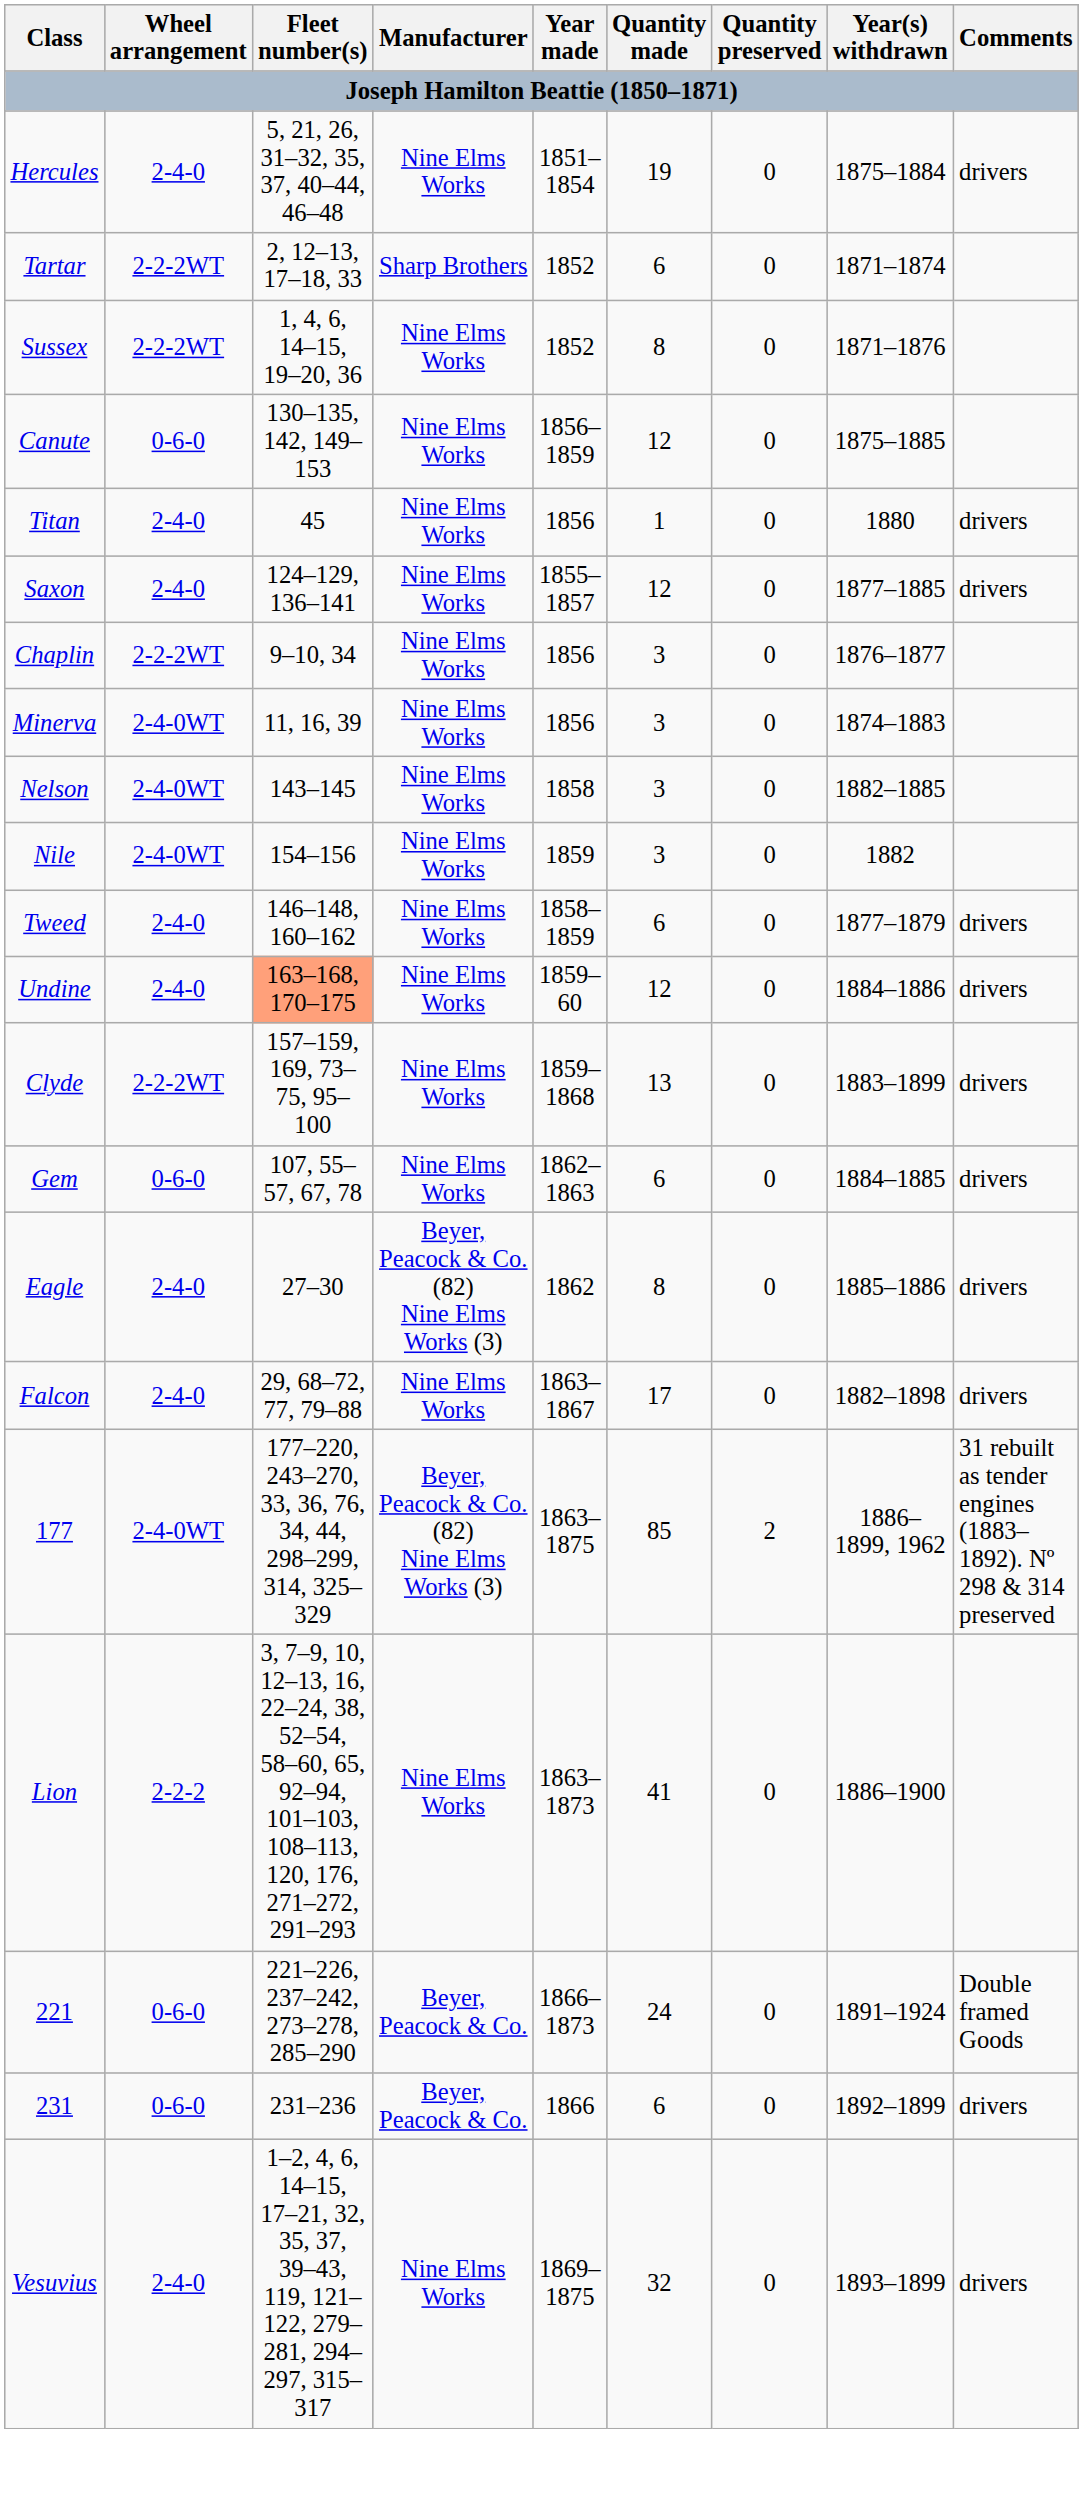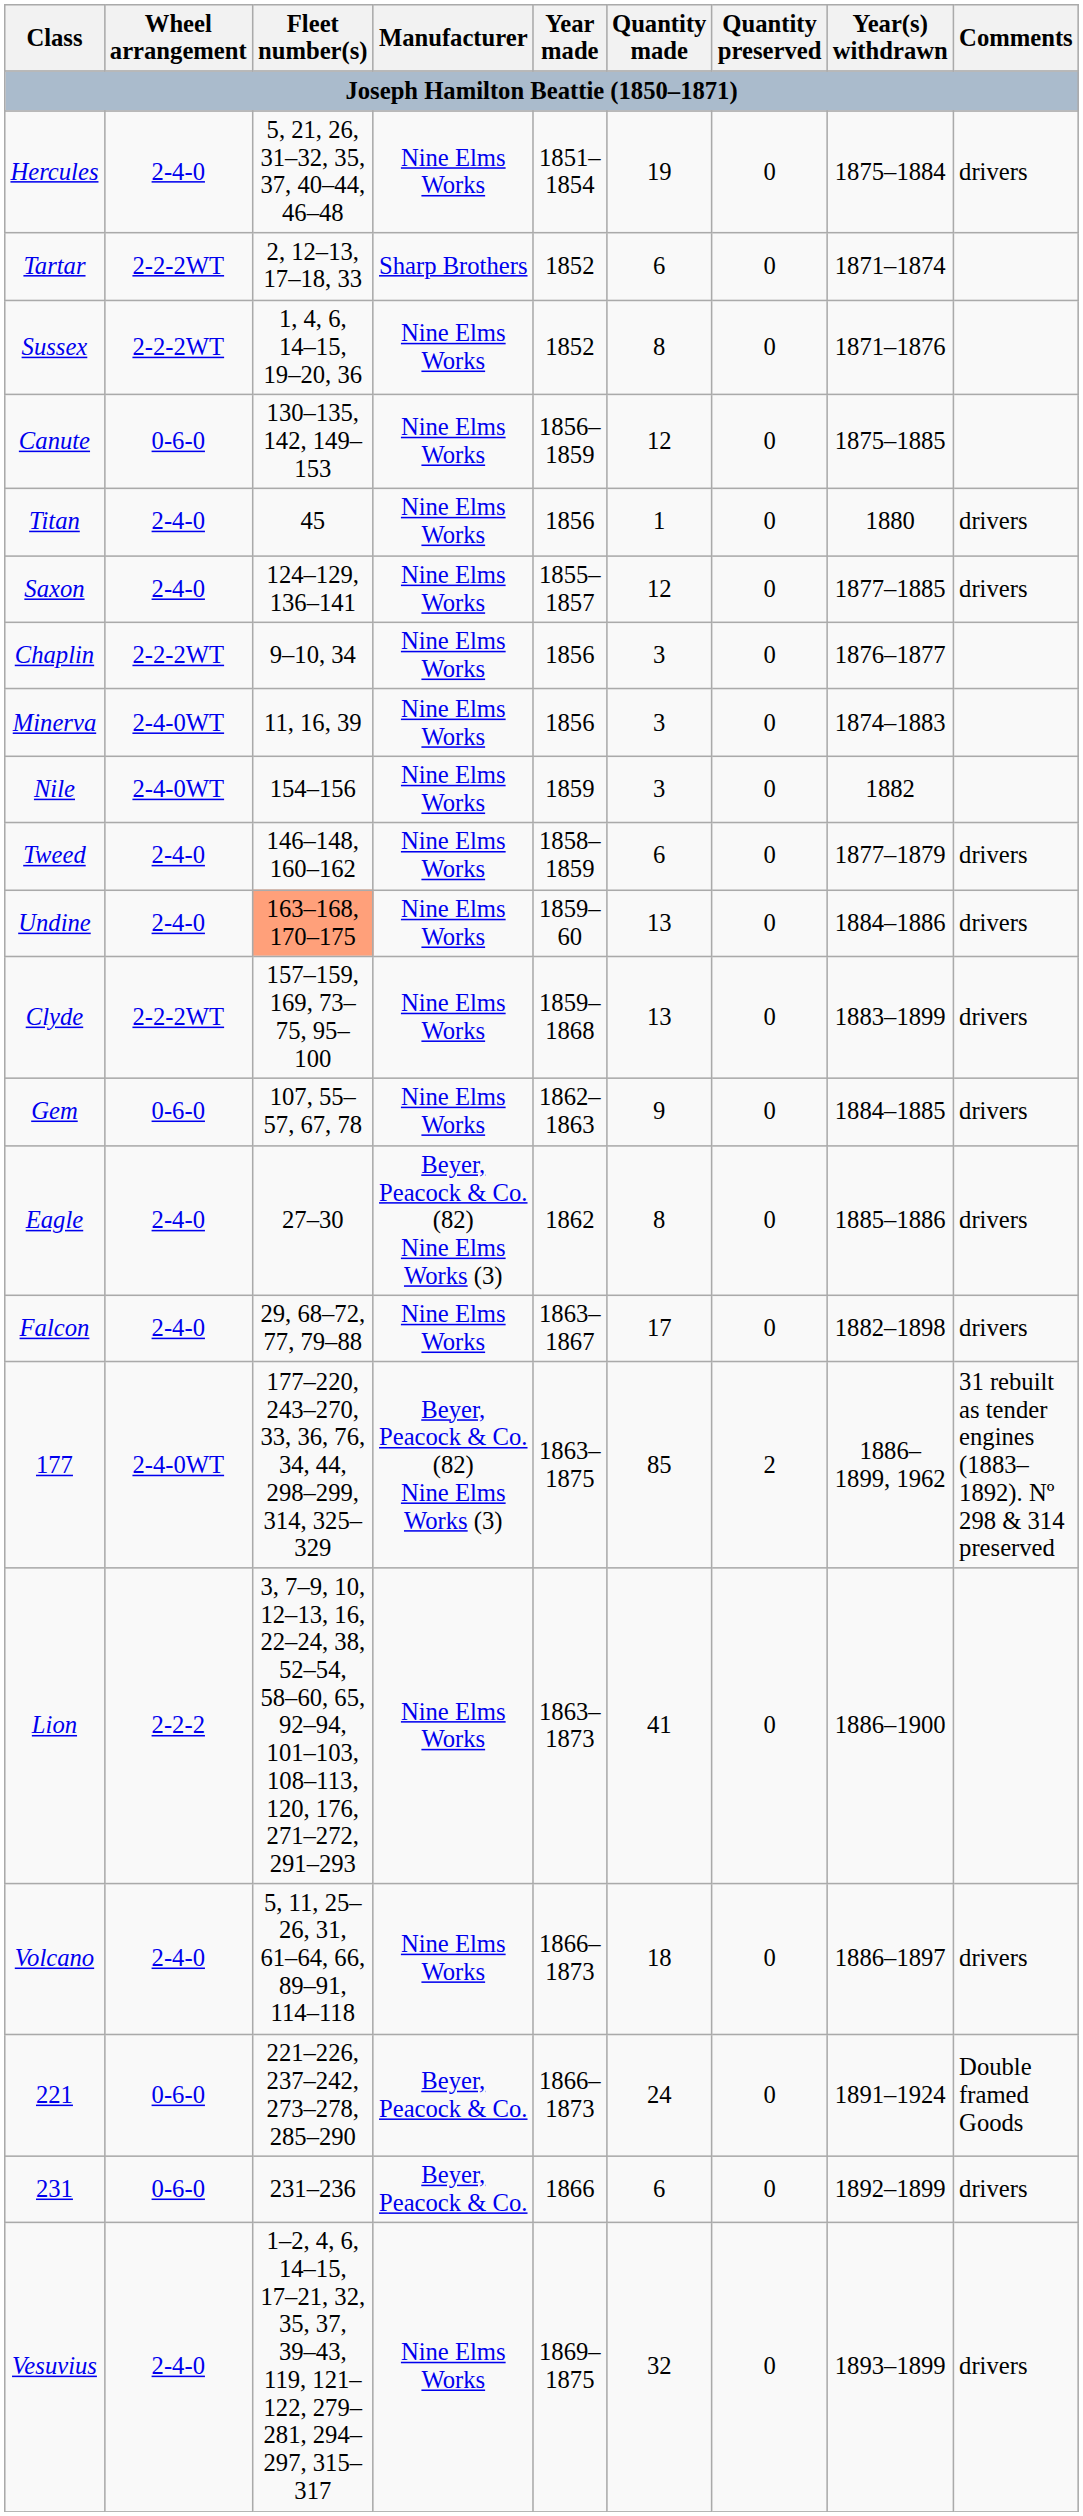 <table class="wikitable" style="text-align:center">
 <tr>
 <th>Class</th>
 <th>Wheel<br>arrangement</th>
 <th>Fleet<br>number(s)</th>
 <th>Manufacturer</th>
 <th>Year made</th>
 <th>Quantity<br>made</th>
 <th>Quantity<br>preserved</th>
 <th>Year(s)<br>withdrawn</th>
 <th>Comments</th>
 </tr>
 <tr style="Background:#AABBCC; font-weight:bold">
 <td colspan=9>Joseph Hamilton Beattie (1850–1871)</td>
 </tr>
 <tr>
 <td><a href='#'><em>Hercules</em></a></td>
 <td><a href='#'>2-4-0</a></td>
 <td>5, 21, 26, 31–32, 35, 37, 40–44, 46–48</td>
 <td><a href='#'>Nine Elms Works</a></td>
 <td>1851–1854</td>
 <td>19</td>
 <td>0</td>
 <td>1875–1884</td>
 <td style="text-align:left">  drivers</td>
 </tr>
 <tr>
 <td><a href='#'><em>Tartar</em></a></td>
 <td><a href='#'>2-2-2WT</a></td>
 <td>2, 12–13, 17–18, 33</td>
 <td><a href='#'>Sharp Brothers</a></td>
 <td>1852</td>
 <td>6</td>
 <td>0</td>
 <td>1871–1874</td>
 <td style="text-align:left"></td>
 </tr>
 <tr>
 <td><a href='#'><em>Sussex</em></a></td>
 <td><a href='#'>2-2-2WT</a></td>
 <td>1, 4, 6, 14–15, 19–20, 36</td>
 <td><a href='#'>Nine Elms Works</a></td>
 <td>1852</td>
 <td>8</td>
 <td>0</td>
 <td>1871–1876</td>
 <td style="text-align:left"></td>
 </tr>
 <tr>
 <td><a href='#'><em>Canute</em></a></td>
 <td><a href='#'>0-6-0</a></td>
 <td>130–135, 142, 149–153</td>
 <td><a href='#'>Nine Elms Works</a></td>
 <td>1856–1859</td>
 <td>12</td>
 <td>0</td>
 <td>1875–1885</td>
 <td style="text-align:left"></td>
 </tr>
 <tr>
 <td><a href='#'><em>Titan</em></a></td>
 <td><a href='#'>2-4-0</a></td>
 <td>45</td>
 <td><a href='#'>Nine Elms Works</a></td>
 <td>1856</td>
 <td>1</td>
 <td>0</td>
 <td>1880</td>
 <td style="text-align:left">  drivers</td>
 </tr>
 <tr>
 <td><a href='#'><em>Saxon</em></a></td>
 <td><a href='#'>2-4-0</a></td>
 <td>124–129, 136–141</td>
 <td><a href='#'>Nine Elms Works</a></td>
 <td>1855–1857</td>
 <td>12</td>
 <td>0</td>
 <td>1877–1885</td>
 <td style="text-align:left">  drivers</td>
 </tr>
 <tr>
 <td><a href='#'><em>Chaplin</em></a></td>
 <td><a href='#'>2-2-2WT</a></td>
 <td>9–10, 34</td>
 <td><a href='#'>Nine Elms Works</a></td>
 <td>1856</td>
 <td>3</td>
 <td>0</td>
 <td>1876–1877</td>
 <td style="text-align:left"></td>
 </tr>
 <tr>
 <td><a href='#'><em>Minerva</em></a></td>
 <td><a href='#'>2-4-0WT</a></td>
 <td>11, 16, 39</td>
 <td><a href='#'>Nine Elms Works</a></td>
 <td>1856</td>
 <td>3</td>
 <td>0</td>
 <td>1874–1883</td>
 <td style="text-align:left"></td>
 </tr>
 <tr>
-<td><a href='#'><em>Nelson</em></a></td>
-<td><a href='#'>2-4-0WT</a></td>
-<td>143–145</td>
-<td><a href='#'>Nine Elms Works</a></td>
-<td>1858</td>
-<td>3</td>
-<td>0</td>
-<td>1882–1885</td>
-<td style="text-align:left"></td>
-</tr>
-<tr>
 <td><a href='#'><em>Nile</em></a></td>
 <td><a href='#'>2-4-0WT</a></td>
 <td>154–156</td>
 <td><a href='#'>Nine Elms Works</a></td>
 <td>1859</td>
 <td>3</td>
 <td>0</td>
 <td>1882</td>
 <td style="text-align:left"></td>
 </tr>
 <tr>
 <td><a href='#'><em>Tweed</em></a></td>
 <td><a href='#'>2-4-0</a></td>
 <td>146–148, 160–162</td>
 <td><a href='#'>Nine Elms Works</a></td>
 <td>1858–1859</td>
 <td>6</td>
 <td>0</td>
 <td>1877–1879</td>
 <td style="text-align:left">  drivers</td>
 </tr>
 <tr>
 <td><a href='#'><em>Undine</em></a></td>
 <td><a href='#'>2-4-0</a></td>
 <td style="background: lightsalmon;">163–168, 170–175</td>
 <td><a href='#'>Nine Elms Works</a></td>
 <td>1859–60</td>
-<td>12</td>
+<td>13</td>
 <td>0</td>
 <td>1884–1886</td>
 <td style="text-align:left">  drivers</td>
 </tr>
 <tr>
 <td><a href='#'><em>Clyde</em></a></td>
 <td><a href='#'>2-2-2WT</a></td>
 <td>157–159, 169, 73–75, 95–100</td>
 <td><a href='#'>Nine Elms Works</a></td>
 <td>1859–1868</td>
 <td>13</td>
 <td>0</td>
 <td>1883–1899</td>
 <td style="text-align:left">  drivers</td>
 </tr>
 <tr>
 <td><a href='#'><em>Gem</em></a></td>
 <td><a href='#'>0-6-0</a></td>
 <td>107, 55–57, 67, 78</td>
 <td><a href='#'>Nine Elms Works</a></td>
 <td>1862–1863</td>
-<td>6</td>
+<td>9</td>
 <td>0</td>
 <td>1884–1885</td>
 <td style="text-align:left">  drivers</td>
 </tr>
 <tr>
 <td><a href='#'><em>Eagle</em></a></td>
 <td><a href='#'>2-4-0</a></td>
 <td>27–30</td>
 <td><a href='#'>Beyer, Peacock & Co.</a> (82)<br><a href='#'>Nine Elms Works</a> (3)</td>
 <td>1862</td>
 <td>8</td>
 <td>0</td>
 <td>1885–1886</td>
 <td style="text-align:left">  drivers</td>
 </tr>
 <tr>
 <td><a href='#'><em>Falcon</em></a></td>
 <td><a href='#'>2-4-0</a></td>
 <td>29, 68–72, 77, 79–88</td>
 <td><a href='#'>Nine Elms Works</a></td>
 <td>1863–1867</td>
 <td>17</td>
 <td>0</td>
 <td>1882–1898</td>
 <td style="text-align:left">  drivers</td>
 </tr>
 <tr>
 <td><a href='#'>177</a></td>
 <td><a href='#'>2-4-0WT</a></td>
 <td>177–220, 243–270, 33, 36, 76, 34, 44, 298–299, 314, 325–329</td>
 <td><a href='#'>Beyer, Peacock & Co.</a> (82)<br><a href='#'>Nine Elms Works</a> (3)</td>
 <td>1863–1875</td>
 <td>85</td>
 <td>2</td>
 <td>1886–1899, 1962</td>
 <td style="text-align:left"> 31 rebuilt as tender engines (1883–1892). Nº 298 & 314 preserved</td>
 </tr>
 <tr>
 <td><a href='#'><em>Lion</em></a></td>
 <td><a href='#'>2-2-2</a></td>
 <td>3, 7–9, 10, 12–13, 16, 22–24, 38, 52–54, 58–60, 65, 92–94, 101–103, 108–113, 120, 176, 271–272, 291–293</td>
 <td><a href='#'>Nine Elms Works</a></td>
 <td>1863–1873</td>
 <td>41</td>
 <td>0</td>
 <td>1886–1900</td>
 <td style="text-align:left"></td>
 </tr>
 <tr>
+<td><a href='#'><em>Volcano</em></a></td>
+<td><a href='#'>2-4-0</a></td>
+<td>5, 11, 25–26, 31, 61–64, 66, 89–91, 114–118</td>
+<td><a href='#'>Nine Elms Works</a></td>
+<td>1866–1873</td>
+<td>18</td>
+<td>0</td>
+<td>1886–1897</td>
+<td style="text-align:left">  drivers</td>
+</tr>
+<tr>
 <td><a href='#'>221</a></td>
 <td><a href='#'>0-6-0</a></td>
 <td>221–226, 237–242, 273–278, 285–290</td>
 <td><a href='#'>Beyer, Peacock & Co.</a></td>
 <td>1866–1873</td>
 <td>24</td>
 <td>0</td>
 <td>1891–1924</td>
 <td style="text-align:left"> Double framed Goods</td>
 </tr>
 <tr>
 <td><a href='#'>231</a></td>
 <td><a href='#'>0-6-0</a></td>
 <td>231–236</td>
 <td><a href='#'>Beyer, Peacock & Co.</a></td>
 <td>1866</td>
 <td>6</td>
 <td>0</td>
 <td>1892–1899</td>
 <td style="text-align:left">  drivers</td>
 </tr>
 <tr>
 <td><a href='#'><em>Vesuvius</em></a></td>
 <td><a href='#'>2-4-0</a></td>
 <td>1–2, 4, 6, 14–15, 17–21, 32, 35, 37, 39–43, 119, 121–122, 279–281, 294–297, 315–317</td>
 <td><a href='#'>Nine Elms Works</a></td>
 <td>1869–1875</td>
 <td>32</td>
 <td>0</td>
 <td>1893–1899</td>
 <td style="text-align:left">  drivers</td>
 </tr>
 </table>
